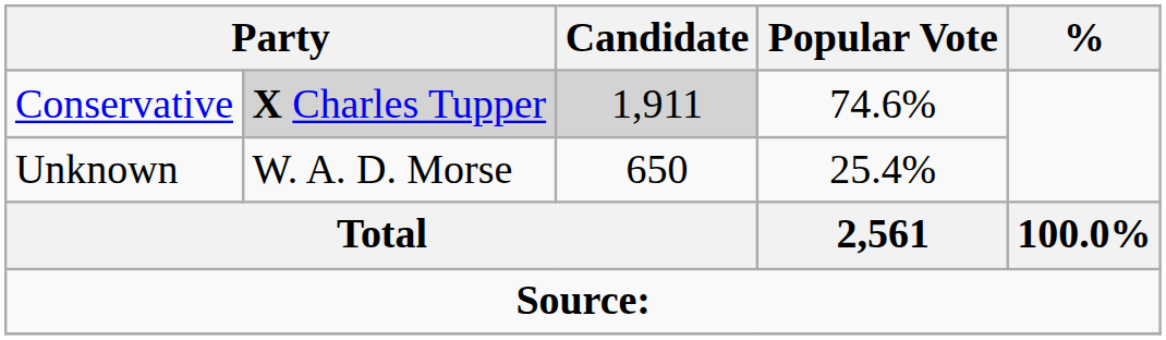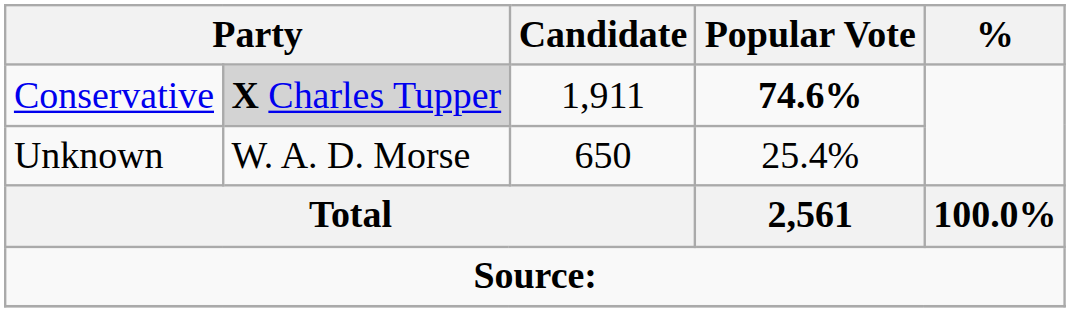 <table class="wikitable">
 <tr>
 <th colspan="2">Party</th>
 <th>Candidate</th>
 <th>Popular Vote</th>
 <th>%</th>
 </tr>
 <tr>
 <td><a href='#'>Conservative</a></td>
 <td style="background: lightgrey;"> <strong>X</strong> <a href='#'>Charles Tupper</a></td>
-<td align=center style="background: lightgrey;">1,911</td>
-<td align=center>74.6%</td>
+<td align=center>1,911</td>
+<td align=center><strong>74.6%</strong></td>
 </tr>
 <tr>
 <td>Unknown</td>
 <td>W. A. D. Morse</td>
 <td align=center>650</td>
 <td align=center>25.4%</td>
 </tr>
 <tr>
 <th colspan=3 align=center>Total</th>
 <th align=right>2,561</th>
 <th align=right>100.0%</th>
 </tr>
 <tr>
 <td align="center" colspan=5><strong>Source:</strong> </td>
 </tr>
 <tr>
 </tr>
 </table>
